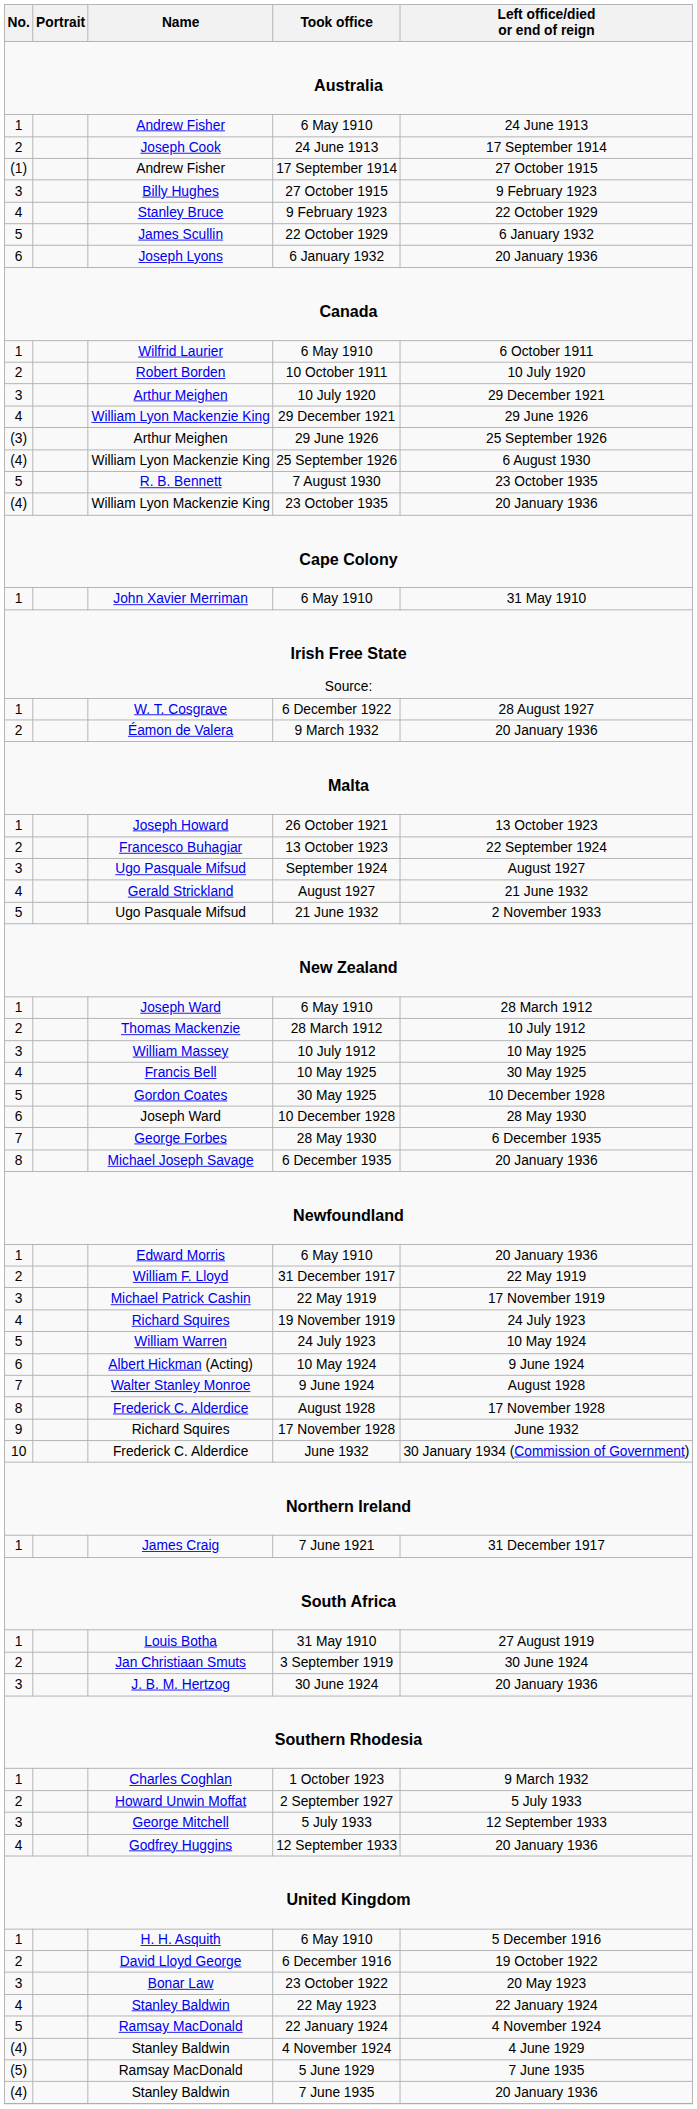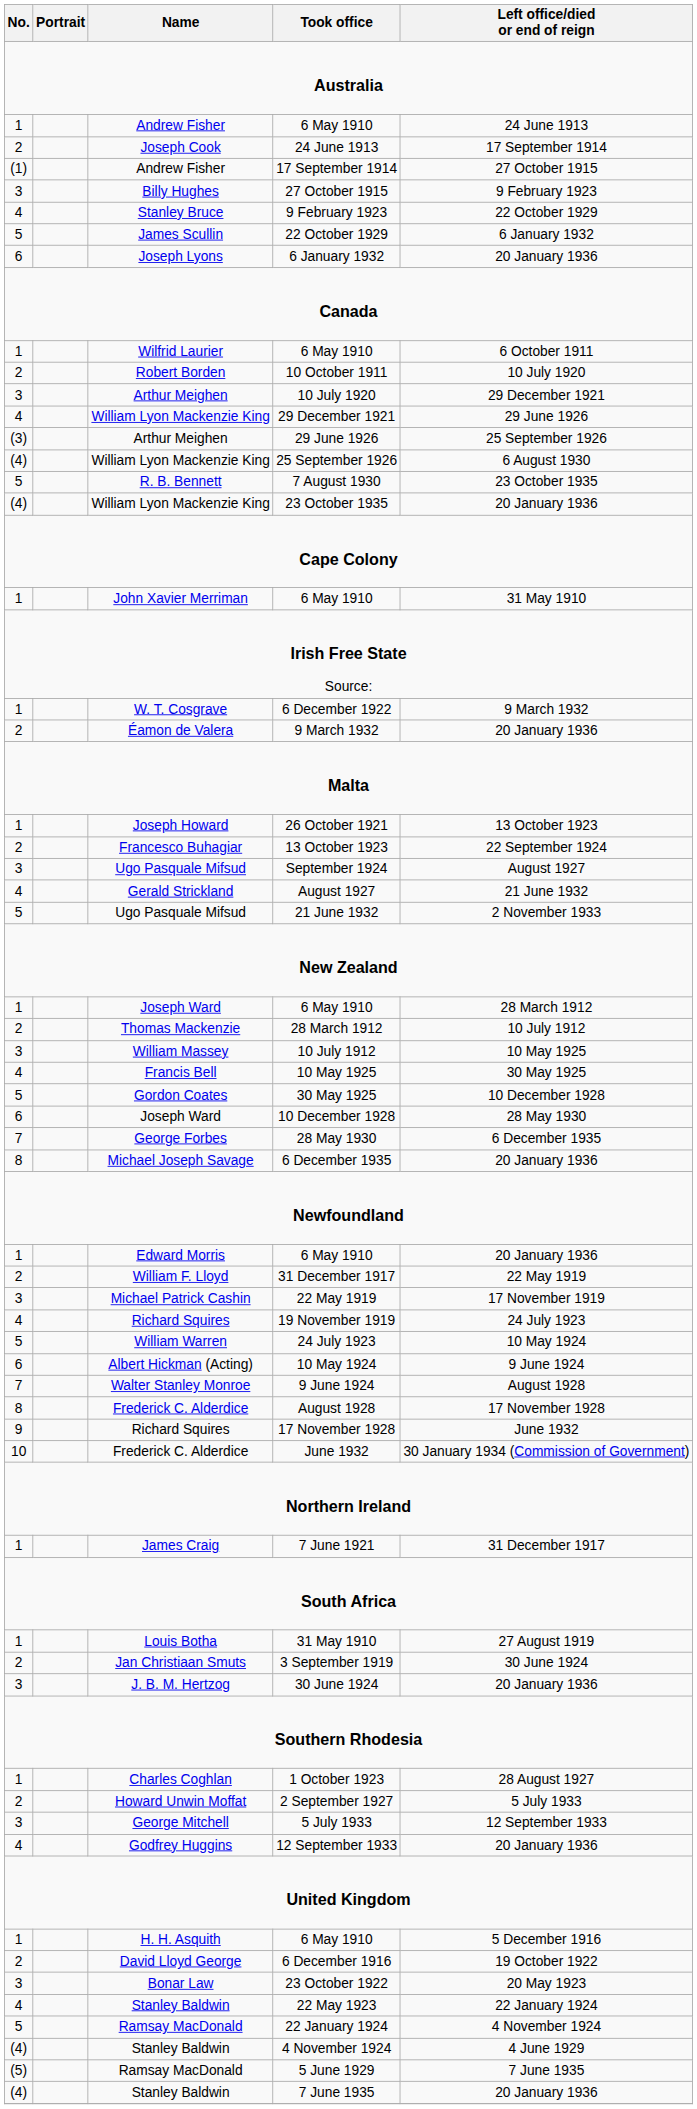 <table class="wikitable" style="clear:right; text-align:center">
 <tr>
 <th>No.</th>
 <th>Portrait</th>
 <th>Name</th>
 <th>Took office</th>
 <th>Left office/died<br>or end of reign</th>
 </tr>
 <tr>
 <td colspan=5><br><h3>Australia</h3></td>
 </tr>
 <tr>
 <td>1</td>
 <td></td>
 <td><a href='#'>Andrew Fisher</a></td>
 <td>6 May 1910</td>
 <td>24 June 1913</td>
 </tr>
 <tr>
 <td>2</td>
 <td></td>
 <td><a href='#'>Joseph Cook</a></td>
 <td>24 June 1913</td>
 <td>17 September 1914</td>
 </tr>
 <tr>
 <td>(1)</td>
 <td></td>
 <td>Andrew Fisher</td>
 <td>17 September 1914</td>
 <td>27 October 1915</td>
 </tr>
 <tr>
 <td>3</td>
 <td></td>
 <td><a href='#'>Billy Hughes</a></td>
 <td>27 October 1915</td>
 <td>9 February 1923</td>
 </tr>
 <tr>
 <td>4</td>
 <td></td>
 <td><a href='#'>Stanley Bruce</a></td>
 <td>9 February 1923</td>
 <td>22 October 1929</td>
 </tr>
 <tr>
 <td>5</td>
 <td></td>
 <td><a href='#'>James Scullin</a></td>
 <td>22 October 1929</td>
 <td>6 January 1932</td>
 </tr>
 <tr>
 <td>6</td>
 <td></td>
 <td><a href='#'>Joseph Lyons</a></td>
 <td>6 January 1932</td>
 <td>20 January 1936</td>
 </tr>
 <tr>
 <td colspan=5><br><h3>Canada</h3></td>
 </tr>
 <tr>
 <td>1</td>
 <td></td>
 <td><a href='#'>Wilfrid Laurier</a></td>
 <td>6 May 1910</td>
 <td>6 October 1911</td>
 </tr>
 <tr>
 <td>2</td>
 <td></td>
 <td><a href='#'>Robert Borden</a></td>
 <td>10 October 1911</td>
 <td>10 July 1920</td>
 </tr>
 <tr>
 <td>3</td>
 <td></td>
 <td><a href='#'>Arthur Meighen</a></td>
 <td>10 July 1920</td>
 <td>29 December 1921</td>
 </tr>
 <tr>
 <td>4</td>
 <td></td>
 <td><a href='#'>William Lyon Mackenzie King</a></td>
 <td>29 December 1921</td>
 <td>29 June 1926</td>
 </tr>
 <tr>
 <td>(3)</td>
 <td></td>
 <td>Arthur Meighen</td>
 <td>29 June 1926</td>
 <td>25 September 1926</td>
 </tr>
 <tr>
 <td>(4)</td>
 <td></td>
 <td>William Lyon Mackenzie King</td>
 <td>25 September 1926</td>
 <td>6 August 1930</td>
 </tr>
 <tr>
 <td>5</td>
 <td></td>
 <td><a href='#'>R. B. Bennett</a></td>
 <td>7 August 1930</td>
 <td>23 October 1935</td>
 </tr>
 <tr>
 <td>(4)</td>
 <td></td>
 <td>William Lyon Mackenzie King</td>
 <td>23 October 1935</td>
 <td>20 January 1936</td>
 </tr>
 <tr>
 <td colspan=5><br><h3>Cape Colony</h3></td>
 </tr>
 <tr>
 <td>1</td>
 <td></td>
 <td><a href='#'>John Xavier Merriman</a></td>
 <td>6 May 1910</td>
 <td>31 May 1910</td>
 </tr>
 <tr>
 <td colspan=5><br><h3>Irish Free State</h3>Source:</td>
 </tr>
 <tr>
 <td>1</td>
 <td></td>
 <td><a href='#'>W. T. Cosgrave</a></td>
 <td>6 December 1922</td>
-<td>28 August 1927</td>
+<td>9 March 1932</td>
 </tr>
 <tr>
 <td>2</td>
 <td></td>
 <td><a href='#'>Éamon de Valera</a></td>
 <td>9 March 1932</td>
 <td>20 January 1936</td>
 </tr>
 <tr>
 <td colspan=5><br><h3>Malta</h3></td>
 </tr>
 <tr>
 <td>1</td>
 <td></td>
 <td><a href='#'>Joseph Howard</a></td>
 <td>26 October 1921</td>
 <td>13 October 1923</td>
 </tr>
 <tr>
 <td>2</td>
 <td></td>
 <td><a href='#'>Francesco Buhagiar</a></td>
 <td>13 October 1923</td>
 <td>22 September 1924</td>
 </tr>
 <tr>
 <td>3</td>
 <td></td>
 <td><a href='#'>Ugo Pasquale Mifsud</a></td>
 <td>September 1924</td>
 <td>August 1927</td>
 </tr>
 <tr>
 <td>4</td>
 <td></td>
 <td><a href='#'>Gerald Strickland</a></td>
 <td>August 1927</td>
 <td>21 June 1932</td>
 </tr>
 <tr>
 <td>5</td>
 <td></td>
 <td>Ugo Pasquale Mifsud</td>
 <td>21 June 1932</td>
 <td>2 November 1933</td>
 </tr>
 <tr>
 <td colspan=5><br><h3>New Zealand</h3></td>
 </tr>
 <tr>
 <td>1</td>
 <td></td>
 <td><a href='#'>Joseph Ward</a></td>
 <td>6 May 1910</td>
 <td>28 March 1912</td>
 </tr>
 <tr>
 <td>2</td>
 <td></td>
 <td><a href='#'>Thomas Mackenzie</a></td>
 <td>28 March 1912</td>
 <td>10 July 1912</td>
 </tr>
 <tr>
 <td>3</td>
 <td></td>
 <td><a href='#'>William Massey</a></td>
 <td>10 July 1912</td>
 <td>10 May 1925</td>
 </tr>
 <tr>
 <td>4</td>
 <td></td>
 <td><a href='#'>Francis Bell</a></td>
 <td>10 May 1925</td>
 <td>30 May 1925</td>
 </tr>
 <tr>
 <td>5</td>
 <td></td>
 <td><a href='#'>Gordon Coates</a></td>
 <td>30 May 1925</td>
 <td>10 December 1928</td>
 </tr>
 <tr>
 <td>6</td>
 <td></td>
 <td>Joseph Ward</td>
 <td>10 December 1928</td>
 <td>28 May 1930</td>
 </tr>
 <tr>
 <td>7</td>
 <td></td>
 <td><a href='#'>George Forbes</a></td>
 <td>28 May 1930</td>
 <td>6 December 1935</td>
 </tr>
 <tr>
 <td>8</td>
 <td></td>
 <td><a href='#'>Michael Joseph Savage</a></td>
 <td>6 December 1935</td>
 <td>20 January 1936</td>
 </tr>
 <tr>
 <td colspan=5><br><h3>Newfoundland</h3></td>
 </tr>
 <tr>
 <td>1</td>
 <td></td>
 <td><a href='#'>Edward Morris</a></td>
 <td>6 May 1910</td>
 <td>20 January 1936</td>
 </tr>
 <tr>
 <td>2</td>
 <td></td>
 <td><a href='#'>William F. Lloyd</a></td>
 <td>31 December 1917 </td>
 <td>22 May 1919</td>
 </tr>
 <tr>
 <td>3</td>
 <td></td>
 <td><a href='#'>Michael Patrick Cashin</a></td>
 <td>22 May 1919</td>
 <td>17 November 1919</td>
 </tr>
 <tr>
 <td>4</td>
 <td></td>
 <td><a href='#'>Richard Squires</a></td>
 <td>19 November 1919</td>
 <td>24 July 1923</td>
 </tr>
 <tr>
 <td>5</td>
 <td></td>
 <td><a href='#'>William Warren</a></td>
 <td>24 July 1923</td>
 <td>10 May 1924</td>
 </tr>
 <tr>
 <td>6</td>
 <td></td>
 <td><a href='#'>Albert Hickman</a> (Acting)</td>
 <td>10 May 1924</td>
 <td>9 June 1924</td>
 </tr>
 <tr>
 <td>7</td>
 <td></td>
 <td><a href='#'>Walter Stanley Monroe</a></td>
 <td>9 June 1924</td>
 <td>August 1928</td>
 </tr>
 <tr>
 <td>8</td>
 <td></td>
 <td><a href='#'>Frederick C. Alderdice</a></td>
 <td>August 1928</td>
 <td>17 November 1928</td>
 </tr>
 <tr>
 <td>9</td>
 <td></td>
 <td>Richard Squires</td>
 <td>17 November 1928</td>
 <td>June 1932</td>
 </tr>
 <tr>
 <td>10</td>
 <td></td>
 <td>Frederick C. Alderdice</td>
 <td>June 1932</td>
 <td>30 January 1934 (<a href='#'>Commission of Government</a>)</td>
 </tr>
 <tr>
 <td colspan=5><br><h3>Northern Ireland</h3></td>
 </tr>
 <tr>
 <td>1</td>
 <td></td>
 <td><a href='#'>James Craig</a></td>
 <td>7 June 1921</td>
 <td>31 December 1917</td>
 </tr>
 <tr>
 <td colspan=5><br><h3>South Africa</h3></td>
 </tr>
 <tr>
 <td>1</td>
 <td></td>
 <td><a href='#'>Louis Botha</a></td>
 <td>31 May 1910</td>
 <td>27 August 1919</td>
 </tr>
 <tr>
 <td>2</td>
 <td></td>
 <td><a href='#'>Jan Christiaan Smuts</a></td>
 <td>3 September 1919</td>
 <td>30 June 1924</td>
 </tr>
 <tr>
 <td>3</td>
 <td></td>
 <td><a href='#'>J. B. M. Hertzog</a></td>
 <td>30 June 1924</td>
 <td>20 January 1936</td>
 </tr>
 <tr>
 <td colspan=5><br><h3>Southern Rhodesia</h3></td>
 </tr>
 <tr>
 <td>1</td>
 <td></td>
 <td><a href='#'>Charles Coghlan</a></td>
 <td>1 October 1923</td>
-<td>9 March 1932</td>
+<td>28 August 1927</td>
 </tr>
 <tr>
 <td>2</td>
 <td></td>
 <td><a href='#'>Howard Unwin Moffat</a></td>
 <td>2 September 1927</td>
 <td>5 July 1933</td>
 </tr>
 <tr>
 <td>3</td>
 <td></td>
 <td><a href='#'>George Mitchell</a></td>
 <td>5 July 1933</td>
 <td>12 September 1933</td>
 </tr>
 <tr>
 <td>4</td>
 <td></td>
 <td><a href='#'>Godfrey Huggins</a></td>
 <td>12 September 1933</td>
 <td>20 January 1936</td>
 </tr>
 <tr>
 <td colspan=5><br><h3>United Kingdom</h3></td>
 </tr>
 <tr>
 <td>1</td>
 <td></td>
 <td><a href='#'>H. H. Asquith</a></td>
 <td>6 May 1910</td>
 <td>5 December 1916</td>
 </tr>
 <tr>
 <td>2</td>
 <td></td>
 <td><a href='#'>David Lloyd George</a></td>
 <td>6 December 1916</td>
 <td>19 October 1922</td>
 </tr>
 <tr>
 <td>3</td>
 <td></td>
 <td><a href='#'>Bonar Law</a></td>
 <td>23 October 1922</td>
 <td>20 May 1923</td>
 </tr>
 <tr>
 <td>4</td>
 <td></td>
 <td><a href='#'>Stanley Baldwin</a></td>
 <td>22 May 1923</td>
 <td>22 January 1924</td>
 </tr>
 <tr>
 <td>5</td>
 <td></td>
 <td><a href='#'>Ramsay MacDonald</a></td>
 <td>22 January 1924</td>
 <td>4 November 1924</td>
 </tr>
 <tr>
 <td>(4)</td>
 <td></td>
 <td>Stanley Baldwin</td>
 <td>4 November 1924</td>
 <td>4 June 1929</td>
 </tr>
 <tr>
 <td>(5)</td>
 <td></td>
 <td>Ramsay MacDonald</td>
 <td>5 June 1929</td>
 <td>7 June 1935</td>
 </tr>
 <tr>
 <td>(4)</td>
 <td></td>
 <td>Stanley Baldwin</td>
 <td>7 June 1935</td>
 <td>20 January 1936</td>
 </tr>
 <tr>
 </tr>
 </table>
